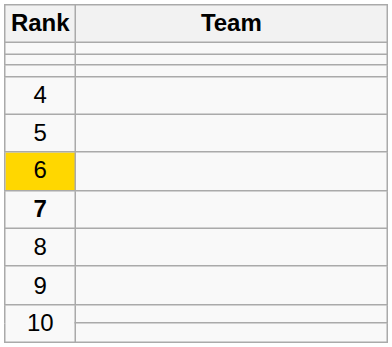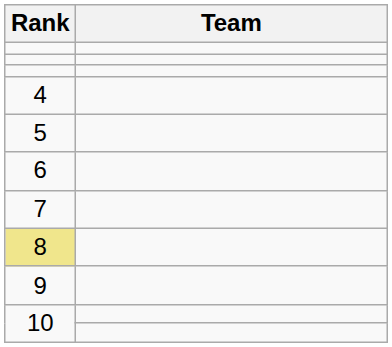 <table class=wikitable style="text-align:center">
 <tr>
 <th width=40>Rank</th>
 <th width=200>Team</th>
 </tr>
 <tr>
 <td></td>
 <td align=left></td>
 </tr>
 <tr>
 <td></td>
 <td align=left></td>
 </tr>
 <tr>
 <td></td>
 <td align=left></td>
 </tr>
 <tr>
 <td>4</td>
 <td align=left></td>
 </tr>
 <tr>
 <td>5</td>
 <td align=left></td>
 </tr>
 <tr>
-<td style="background: gold;">6</td>
+<td>6</td>
 <td align=left></td>
 </tr>
 <tr>
-<td><strong>7</strong></td>
+<td>7</td>
 <td align=left></td>
 </tr>
 <tr>
-<td>8</td>
+<td style="background: khaki;">8</td>
 <td align=left></td>
 </tr>
 <tr>
 <td>9</td>
 <td align=left></td>
 </tr>
 <tr>
 <td rowspan=2>10</td>
 <td align=left></td>
 </tr>
 <tr>
 <td align=left></td>
 </tr>
 </table>
